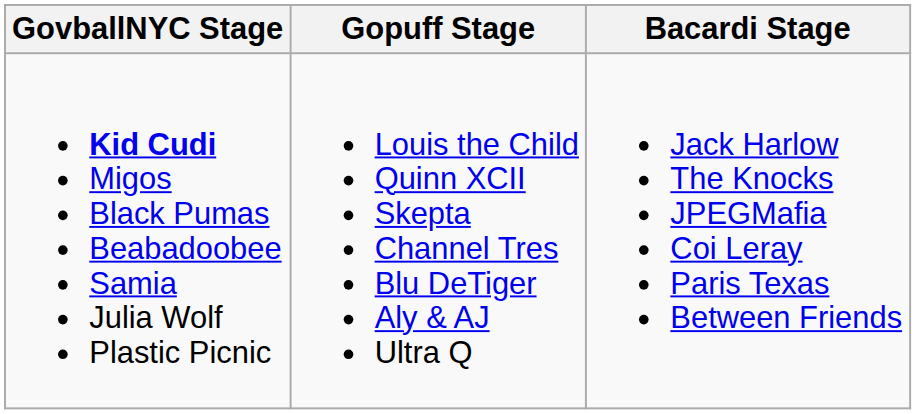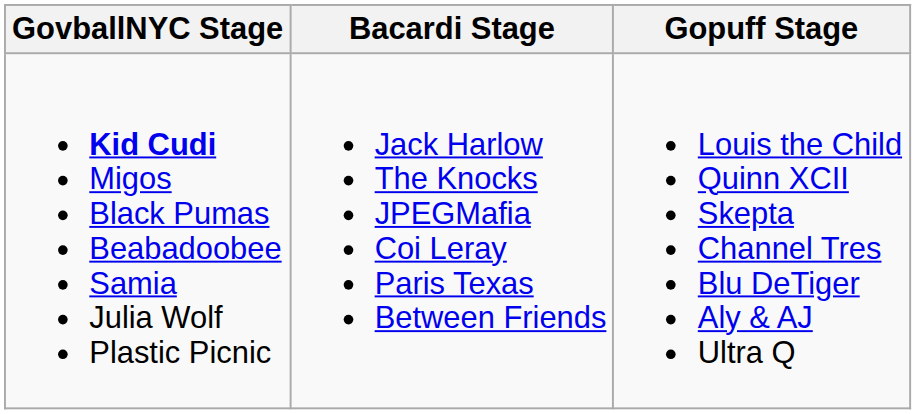 <table class="wikitable">
 <tr>
 <th>GovballNYC Stage</th>
+<th>Bacardi Stage</th>
 <th>Gopuff Stage</th>
-<th>Bacardi Stage</th>
 </tr>
 <tr valign="top">
 <td><br><ul><li><strong><a href='#'>Kid Cudi</a></strong></li><li><a href='#'>Migos</a></li><li><a href='#'>Black Pumas</a></li><li><a href='#'>Beabadoobee</a></li><li><a href='#'>Samia</a></li><li>Julia Wolf</li><li>Plastic Picnic</li></ul></td>
+<td><br><ul><li><a href='#'>Jack Harlow</a></li><li><a href='#'>The Knocks</a></li><li><a href='#'>JPEGMafia</a></li><li><a href='#'>Coi Leray</a></li><li><a href='#'>Paris Texas</a></li><li><a href='#'>Between Friends</a></li></ul></td>
 <td><br><ul><li><a href='#'>Louis the Child</a></li><li><a href='#'>Quinn XCII</a></li><li><a href='#'>Skepta</a></li><li><a href='#'>Channel Tres</a></li><li><a href='#'>Blu DeTiger</a></li><li><a href='#'>Aly & AJ</a></li><li>Ultra Q</li></ul></td>
-<td><br><ul><li><a href='#'>Jack Harlow</a></li><li><a href='#'>The Knocks</a></li><li><a href='#'>JPEGMafia</a></li><li><a href='#'>Coi Leray</a></li><li><a href='#'>Paris Texas</a></li><li><a href='#'>Between Friends</a></li></ul></td>
 </tr>
 </table>
